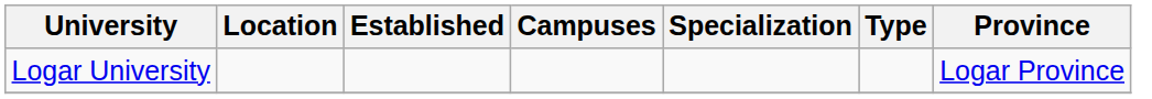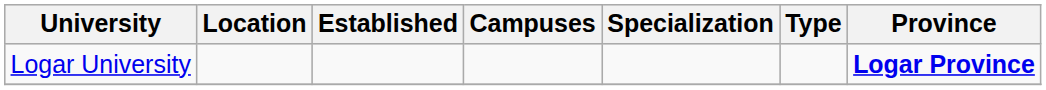 <table class="wikitable sortable">
 <tr>
 <th>University</th>
 <th>Location</th>
 <th>Established</th>
 <th>Campuses</th>
 <th>Specialization</th>
 <th>Type</th>
 <th>Province</th>
 </tr>
 <tr>
 <td><a href='#'>Logar University</a></td>
 <td></td>
 <td></td>
 <td></td>
 <td></td>
 <td></td>
-<td><a href='#'>Logar Province</a></td>
+<td><strong><a href='#'>Logar Province</a></strong></td>
 </tr>
 <tr>
 </tr>
 </table>
